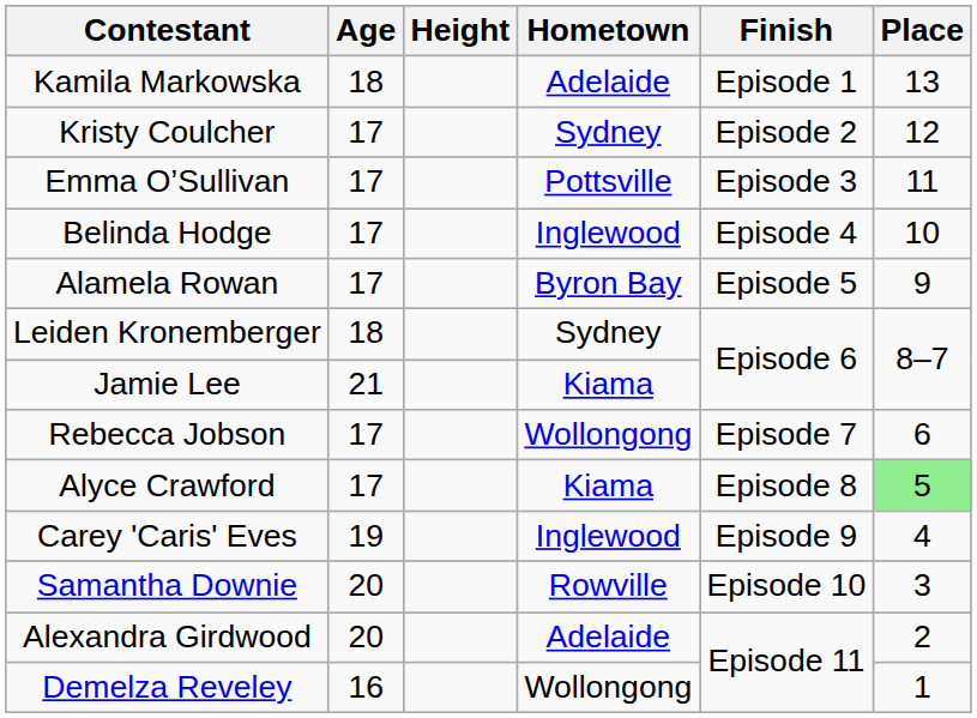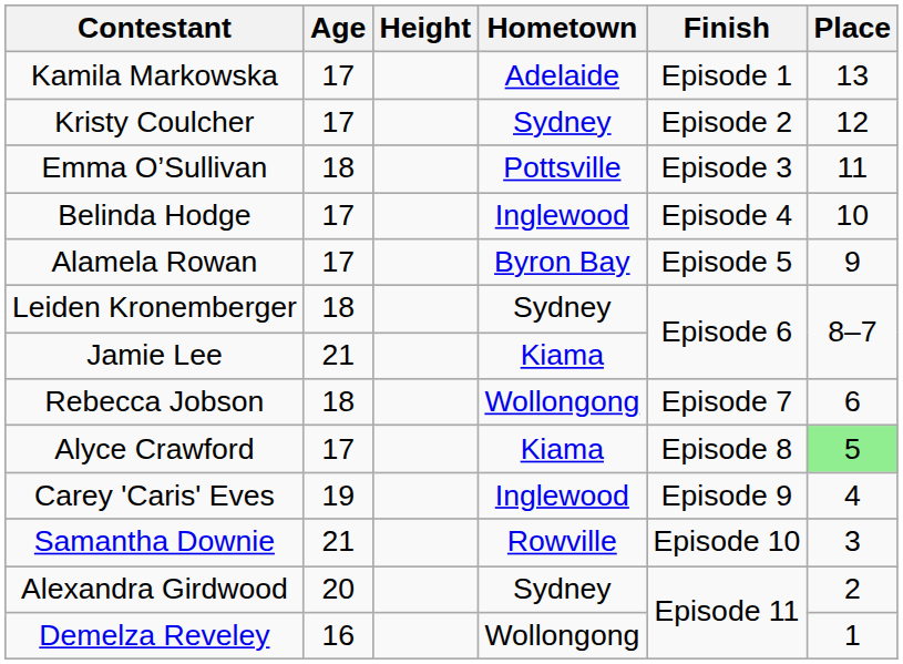 <table class="wikitable sortable" style="text-align:center;">
 <tr>
 <th>Contestant</th>
 <th>Age</th>
 <th>Height</th>
 <th>Hometown</th>
 <th>Finish</th>
 <th>Place</th>
 </tr>
 <tr>
 <td>Kamila Markowska</td>
-<td>18</td>
+<td>17</td>
 <td></td>
 <td><a href='#'>Adelaide</a></td>
 <td>Episode 1</td>
 <td>13</td>
 </tr>
 <tr>
 <td>Kristy Coulcher</td>
 <td>17</td>
 <td></td>
 <td><a href='#'>Sydney</a></td>
 <td>Episode 2</td>
 <td>12</td>
 </tr>
 <tr>
 <td>Emma O’Sullivan</td>
-<td>17</td>
+<td>18</td>
 <td></td>
 <td><a href='#'>Pottsville</a></td>
 <td>Episode 3</td>
 <td>11</td>
 </tr>
 <tr>
 <td>Belinda Hodge</td>
 <td>17</td>
 <td></td>
 <td><a href='#'>Inglewood</a></td>
 <td>Episode 4</td>
 <td>10</td>
 </tr>
 <tr>
 <td>Alamela Rowan</td>
 <td>17</td>
 <td></td>
 <td><a href='#'>Byron Bay</a></td>
 <td>Episode 5</td>
 <td>9</td>
 </tr>
 <tr>
 <td>Leiden Kronemberger</td>
 <td>18</td>
 <td></td>
 <td>Sydney</td>
 <td rowspan=2>Episode 6</td>
 <td rowspan="2">8–7</td>
 </tr>
 <tr>
 <td>Jamie Lee</td>
 <td>21</td>
 <td></td>
 <td><a href='#'>Kiama</a></td>
 </tr>
 <tr>
 <td>Rebecca Jobson</td>
-<td>17</td>
+<td>18</td>
 <td></td>
 <td><a href='#'>Wollongong</a></td>
 <td>Episode 7</td>
 <td>6</td>
 </tr>
 <tr>
 <td>Alyce Crawford</td>
 <td>17</td>
 <td></td>
 <td><a href='#'>Kiama</a></td>
 <td>Episode 8</td>
 <td style="background: lightgreen;">5</td>
 </tr>
 <tr>
 <td>Carey 'Caris' Eves</td>
 <td>19</td>
 <td></td>
 <td><a href='#'>Inglewood</a></td>
 <td>Episode 9</td>
 <td>4</td>
 </tr>
 <tr>
 <td><a href='#'>Samantha Downie</a></td>
-<td>20</td>
+<td>21</td>
 <td></td>
 <td><a href='#'>Rowville</a></td>
 <td>Episode 10</td>
 <td>3</td>
 </tr>
 <tr>
 <td>Alexandra Girdwood</td>
 <td>20</td>
 <td></td>
-<td><a href='#'>Adelaide</a></td>
+<td>Sydney</td>
 <td rowspan="2">Episode 11</td>
 <td>2</td>
 </tr>
 <tr>
 <td><a href='#'>Demelza Reveley</a></td>
 <td>16</td>
 <td></td>
 <td>Wollongong</td>
 <td>1</td>
 </tr>
 </table>
